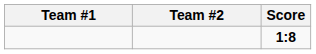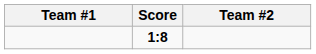 <table class="wikitable" style="text-align:center;">
 <tr>
 <th width=140>Team #1</th>
+<th width=50>Score</th>
 <th width=140>Team #2</th>
-<th width=50>Score</th>
 </tr>
 <tr>
 <td style="text-align:right;"></td>
+<td><strong>1:8</strong></td>
 <td style="text-align:left;"></td>
-<td><strong>1:8</strong></td>
 </tr>
 </table>
